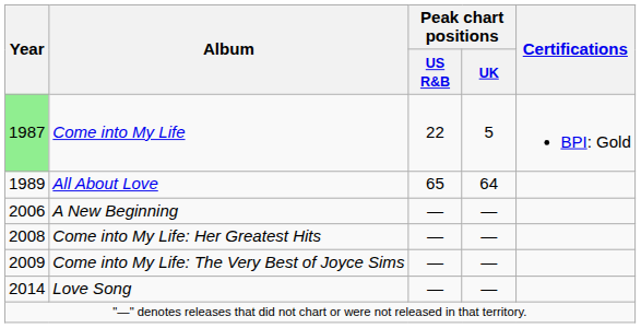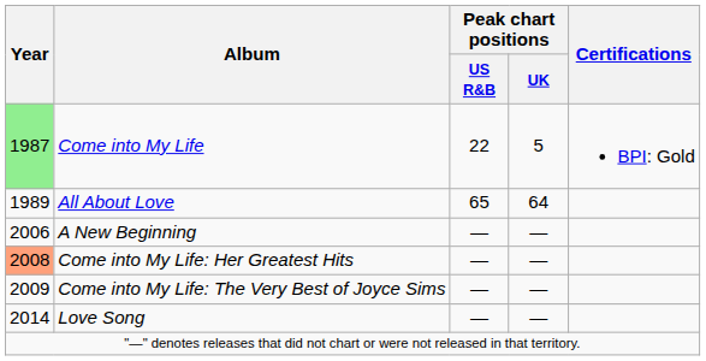 <table class="wikitable">
 <tr>
 <th scope="col" rowspan="2">Year</th>
 <th scope="col" rowspan="2">Album</th>
 <th scope="col" colspan="2">Peak chart positions</th>
 <th scope="col" rowspan="2"><a href='#'>Certifications</a></th>
 </tr>
 <tr>
 <th style="width:45px;"><small><a href='#'>US R&B</a></small><br></th>
 <th style="width:45px;"><small><a href='#'>UK</a></small><br></th>
 </tr>
 <tr>
 <td style="background: lightgreen;">1987</td>
 <td><em><a href='#'>Come into My Life</a></em></td>
 <td align=center>22</td>
 <td align=center>5</td>
 <td><br><ul><li><a href='#'>BPI</a>: Gold</li></ul></td>
 </tr>
 <tr>
 <td>1989</td>
 <td><em><a href='#'>All About Love</a></em></td>
 <td align=center>65</td>
 <td align=center>64</td>
 <td></td>
 </tr>
 <tr>
 <td>2006</td>
 <td><em>A New Beginning</em></td>
 <td align=center>—</td>
 <td align=center>—</td>
 <td></td>
 </tr>
 <tr>
-<td>2008</td>
+<td style="background: lightsalmon;">2008</td>
 <td><em>Come into My Life: Her Greatest Hits</em></td>
 <td align=center>—</td>
 <td align=center>—</td>
 <td></td>
 </tr>
 <tr>
 <td>2009</td>
 <td><em>Come into My Life: The Very Best of Joyce Sims</em></td>
 <td align=center>—</td>
 <td align=center>—</td>
 <td></td>
 </tr>
 <tr>
 <td>2014</td>
 <td><em>Love Song</em></td>
 <td align=center>—</td>
 <td align=center>—</td>
 <td></td>
 </tr>
 <tr>
 <td colspan="5" style="text-align:center; font-size:9pt;">"—" denotes releases that did not chart or were not released in that territory.</td>
 </tr>
 </table>
